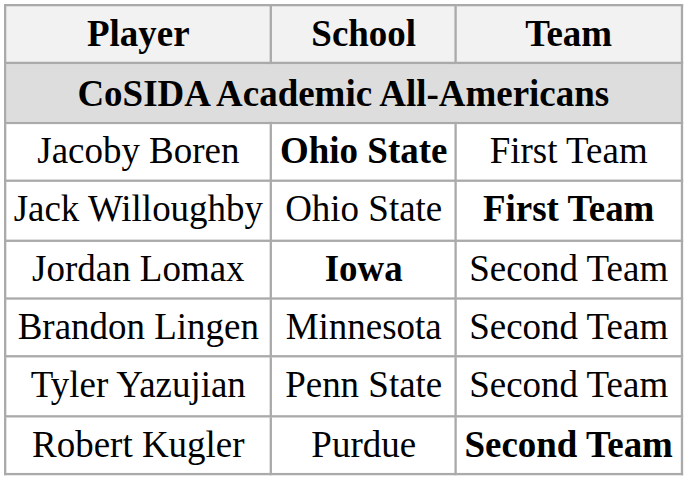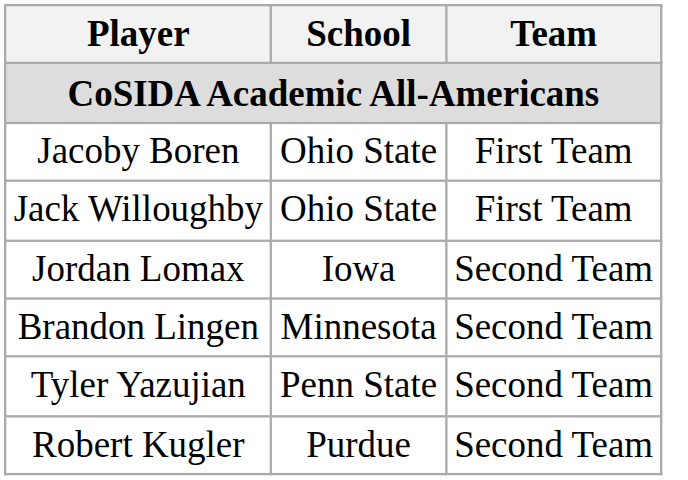 <table class="wikitable">
 <tr>
 <th>Player</th>
 <th>School</th>
 <th>Team</th>
 </tr>
 <tr>
 <td colspan="3" style="text-align:center; background:#ddd;"><strong>CoSIDA Academic All-Americans</strong></td>
 </tr>
 <tr style="text-align:center;">
 <td style="background:white">Jacoby Boren</td>
-<td style="background:white"><strong>Ohio State</strong></td>
+<td style="background:white">Ohio State</td>
 <td style="background:white">First Team</td>
 </tr>
 <tr style="text-align:center;">
 <td style="background:white">Jack Willoughby</td>
 <td style="background:white">Ohio State</td>
-<td style="background:white"><strong>First Team</strong></td>
+<td style="background:white">First Team</td>
 </tr>
 <tr style="text-align:center;">
 <td style="background:white">Jordan Lomax</td>
-<td style="background:white"><strong>Iowa</strong></td>
+<td style="background:white">Iowa</td>
 <td style="background:white">Second Team</td>
 </tr>
 <tr style="text-align:center;">
 <td style="background:white">Brandon Lingen</td>
 <td style="background:white">Minnesota</td>
 <td style="background:white">Second Team</td>
 </tr>
 <tr style="text-align:center;">
 <td style="background:white">Tyler Yazujian</td>
 <td style="background:white">Penn State</td>
 <td style="background:white">Second Team</td>
 </tr>
 <tr style="text-align:center;">
 <td style="background:white">Robert Kugler</td>
 <td style="background:white">Purdue</td>
-<td style="background:white"><strong>Second Team</strong></td>
+<td style="background:white">Second Team</td>
 </tr>
 </table>
